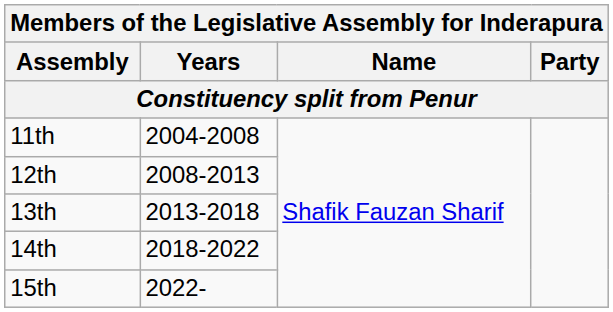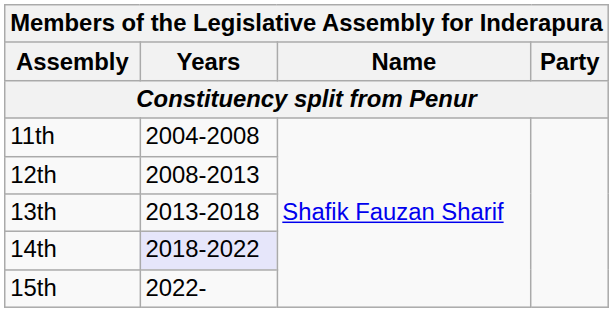 <table class="wikitable">
 <tr>
 <th colspan="4">Members of the Legislative Assembly for Inderapura</th>
 </tr>
 <tr>
 <th>Assembly</th>
 <th>Years</th>
 <th>Name</th>
 <th>Party</th>
 </tr>
 <tr>
 <th colspan="4"><em>Constituency split from Penur</em></th>
 </tr>
 <tr>
 <td>11th</td>
 <td>2004-2008</td>
 <td rowspan="5"><a href='#'>Shafik Fauzan Sharif</a></td>
 <td rowspan="5"></td>
 </tr>
 <tr>
 <td>12th</td>
 <td>2008-2013</td>
 </tr>
 <tr>
 <td>13th</td>
 <td>2013-2018</td>
 </tr>
 <tr>
 <td>14th</td>
-<td>2018-2022</td>
+<td style="background: lavender;">2018-2022</td>
 </tr>
 <tr>
 <td>15th</td>
 <td>2022-</td>
 </tr>
 </table>
